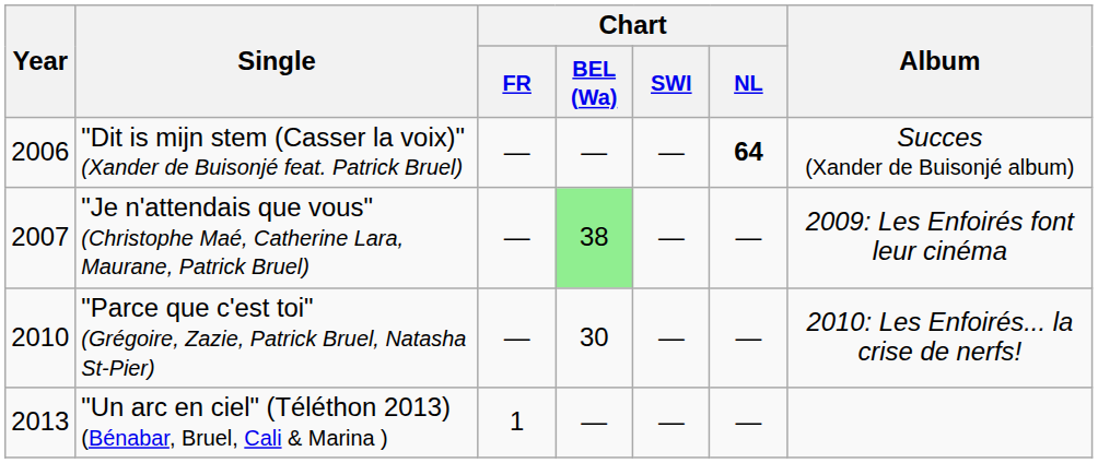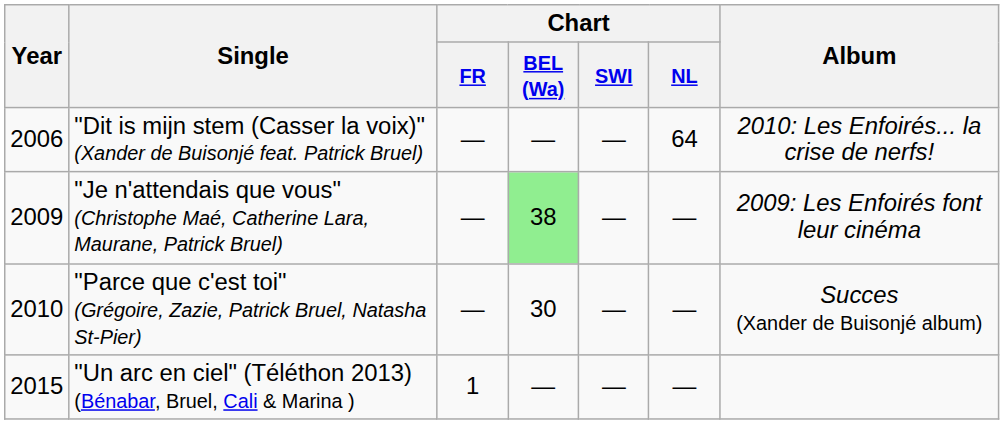 <table class="wikitable">
 <tr>
 <th align="center" rowspan="2" width="10">Year</th>
 <th align="center" rowspan="2" width="240">Single</th>
 <th align="center" colspan="4">Chart</th>
 <th align="center" rowspan="2" width="180">Album</th>
 </tr>
 <tr>
 <th width="40"><small><a href='#'>FR</a></small></th>
 <th width="40"><small><a href='#'>BEL <br>(Wa)</a></small></th>
 <th width="40"><small><a href='#'>SWI</a></small></th>
 <th width="40"><small><a href='#'>NL</a></small></th>
 </tr>
 <tr>
 <td align="center">2006</td>
 <td>"Dit is mijn stem (Casser la voix)" <br><small><em>(Xander de Buisonjé feat. Patrick Bruel)</em></small></td>
 <td align="center">—</td>
 <td align="center">—</td>
 <td align="center">—</td>
-<td align="center"><strong>64</strong></td>
-<td align="center"><em>Succes</em> <br><small>(Xander de Buisonjé album)</small></td>
+<td align="center">64</td>
+<td align="center"><em>2010: Les Enfoirés... la crise de nerfs!</em></td>
 </tr>
 <tr>
-<td align="center">2007</td>
+<td align="center">2009</td>
 <td>"Je n'attendais que vous" <br><small><em>(Christophe Maé, Catherine Lara, Maurane, Patrick Bruel)</em></small></td>
 <td align="center">—</td>
 <td align="center" style="background: lightgreen;">38</td>
 <td align="center">—</td>
 <td align="center">—</td>
 <td align="center"><em>2009: Les Enfoirés font leur cinéma</em></td>
 </tr>
 <tr>
 <td align="center">2010</td>
 <td>"Parce que c'est toi" <br><small><em>(Grégoire, Zazie, Patrick Bruel, Natasha St-Pier)</em></small></td>
 <td align="center">—</td>
 <td align="center">30</td>
 <td align="center">—</td>
 <td align="center">—</td>
-<td align="center"><em>2010: Les Enfoirés... la crise de nerfs!</em></td>
+<td align="center"><em>Succes</em> <br><small>(Xander de Buisonjé album)</small></td>
 </tr>
 <tr>
-<td align="center">2013</td>
+<td align="center">2015</td>
 <td>"Un arc en ciel" (Téléthon 2013)<br><small>(<a href='#'>Bénabar</a>, Bruel, <a href='#'>Cali</a> & Marina )</small></td>
 <td align="center">1</td>
 <td align="center">—</td>
 <td align="center">—</td>
 <td align="center">—</td>
 <td align="center"></td>
 </tr>
 </table>
